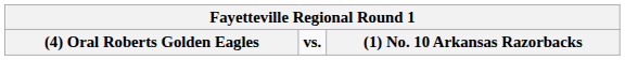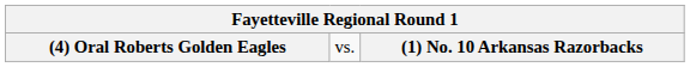 <table class="wikitable">
 <tr>
 <th style="width: 595px;" colspan=3>Fayetteville Regional Round 1</th>
 </tr>
 <tr>
 <th style="width: 287px; ">(4) Oral Roberts Golden Eagles</th>
-<td style="width: 20px; text-align:center"><strong>vs.</strong></td>
+<td style="width: 20px; text-align:center">vs.</td>
 <th style="width: 287px; ">(1) No. 10 Arkansas Razorbacks</th>
 </tr>
 </table>
